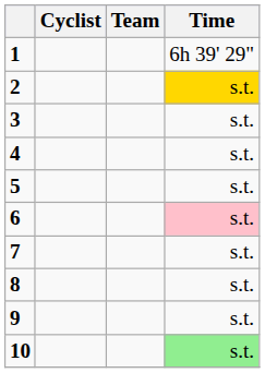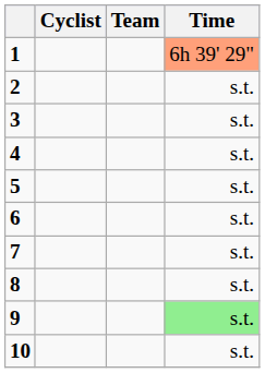 <table class="wikitable">
 <tr style="background:#ccccff;">
 <th></th>
 <th>Cyclist</th>
 <th>Team</th>
 <th>Time</th>
 </tr>
 <tr>
 <td><strong>1</strong></td>
 <td></td>
 <td></td>
-<td align=right>6h 39' 29"</td>
+<td align=right style="background: lightsalmon;">6h 39' 29"</td>
 </tr>
 <tr>
 <td><strong>2</strong></td>
 <td></td>
 <td></td>
-<td align=right style="background: gold;">s.t.</td>
+<td align=right>s.t.</td>
 </tr>
 <tr>
 <td><strong>3</strong></td>
 <td></td>
 <td></td>
 <td align=right>s.t.</td>
 </tr>
 <tr>
 <td><strong>4</strong></td>
 <td></td>
 <td></td>
 <td align=right>s.t.</td>
 </tr>
 <tr>
 <td><strong>5</strong></td>
 <td></td>
 <td></td>
 <td align=right>s.t.</td>
 </tr>
 <tr>
 <td><strong>6</strong></td>
 <td></td>
 <td></td>
-<td align=right style="background: pink;">s.t.</td>
+<td align=right>s.t.</td>
 </tr>
 <tr>
 <td><strong>7</strong></td>
 <td></td>
 <td></td>
 <td align=right>s.t.</td>
 </tr>
 <tr>
 <td><strong>8</strong></td>
 <td></td>
 <td></td>
 <td align=right>s.t.</td>
 </tr>
 <tr>
 <td><strong>9</strong></td>
 <td></td>
 <td></td>
-<td align=right>s.t.</td>
+<td align=right style="background: lightgreen;">s.t.</td>
 </tr>
 <tr>
 <td><strong>10</strong></td>
 <td></td>
 <td></td>
-<td align=right style="background: lightgreen;">s.t.</td>
+<td align=right>s.t.</td>
 </tr>
 <tr>
 </tr>
 </table>
